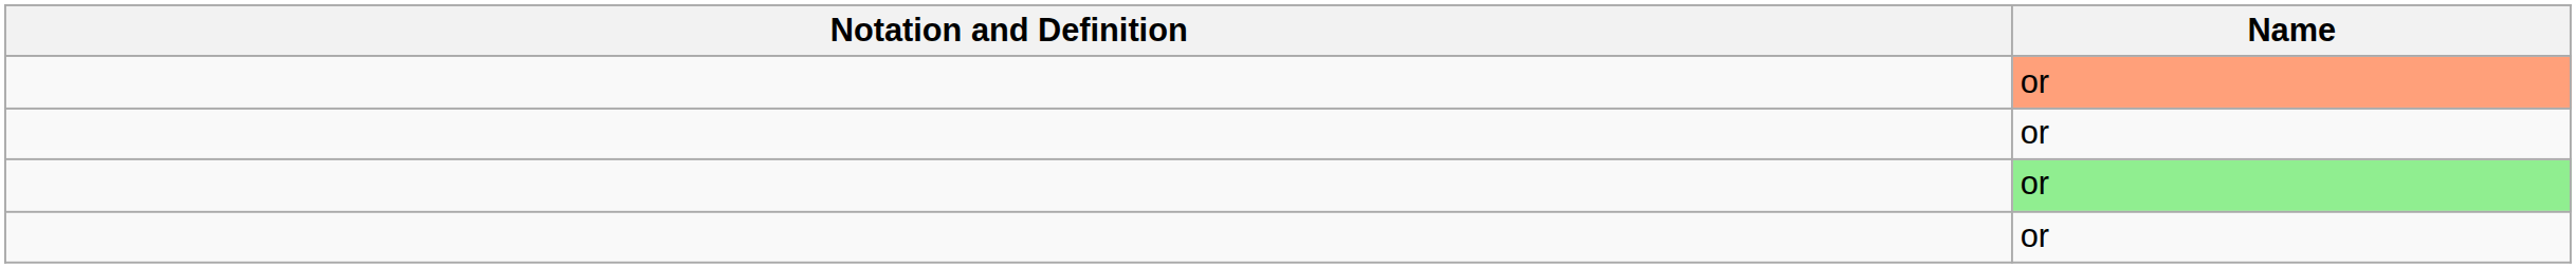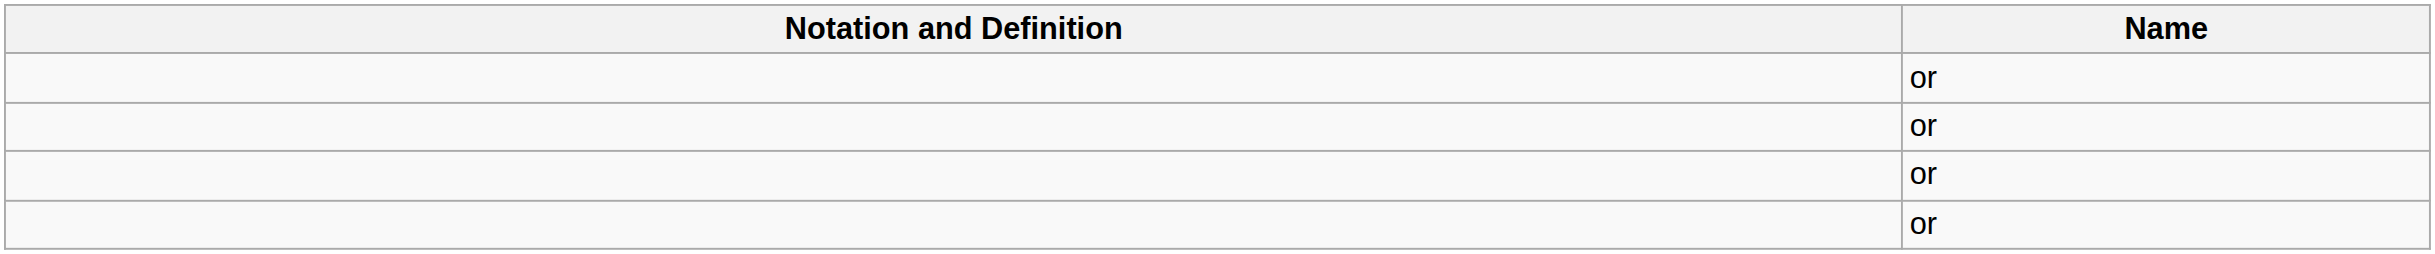 <table class="wikitable" style="width: 100%;">
 <tr>
 <th>Notation and Definition</th>
 <th>Name</th>
 </tr>
 <tr>
 <td style="padding:0.5% 0 0.5% 2em;"></td>
-<td style="background: lightsalmon;"> or  </td>
+<td> or  </td>
 </tr>
 <tr>
 <td style="padding:0.5% 0 0.5% 2em;"></td>
 <td> or  </td>
 </tr>
 <tr>
 <td style="padding:0.5% 0 0.5% 2em;"></td>
-<td style="background: lightgreen;"> or  </td>
+<td> or  </td>
 </tr>
 <tr>
 <td style="padding:0.5% 0 0.5% 2em;"></td>
 <td> or </td>
 </tr>
 </table>
